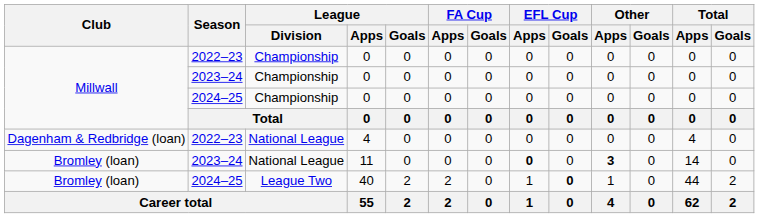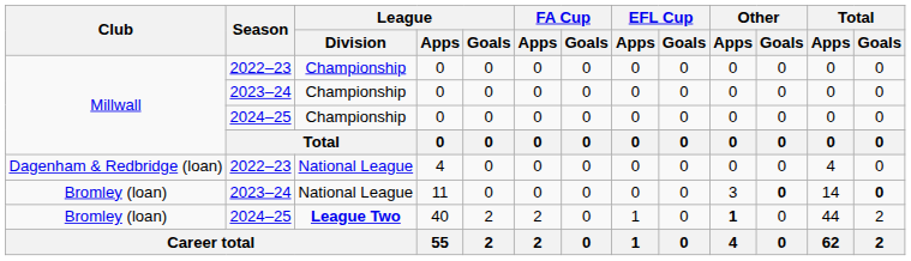 <table class=wikitable style=text-align:center>
 <tr>
 <th rowspan=2>Club</th>
 <th rowspan=2>Season</th>
 <th colspan=3>League</th>
 <th colspan=2><a href='#'>FA Cup</a></th>
 <th colspan=2><a href='#'>EFL Cup</a></th>
 <th colspan=2>Other</th>
 <th colspan=2>Total</th>
 </tr>
 <tr>
 <th>Division</th>
 <th>Apps</th>
 <th>Goals</th>
 <th>Apps</th>
 <th>Goals</th>
 <th>Apps</th>
 <th>Goals</th>
 <th>Apps</th>
 <th>Goals</th>
 <th>Apps</th>
 <th>Goals</th>
 </tr>
 <tr>
 <td rowspan=4><a href='#'>Millwall</a></td>
 <td><a href='#'>2022–23</a></td>
 <td><a href='#'>Championship</a></td>
 <td>0</td>
 <td>0</td>
 <td>0</td>
 <td>0</td>
 <td>0</td>
 <td>0</td>
 <td>0</td>
 <td>0</td>
 <td>0</td>
 <td>0</td>
 </tr>
 <tr>
 <td><a href='#'>2023–24</a></td>
 <td>Championship</td>
 <td>0</td>
 <td>0</td>
 <td>0</td>
 <td>0</td>
 <td>0</td>
 <td>0</td>
 <td>0</td>
 <td>0</td>
 <td>0</td>
 <td>0</td>
 </tr>
 <tr>
 <td><a href='#'>2024–25</a></td>
 <td>Championship</td>
 <td>0</td>
 <td>0</td>
 <td>0</td>
 <td>0</td>
 <td>0</td>
 <td>0</td>
 <td>0</td>
 <td>0</td>
 <td>0</td>
 <td>0</td>
 </tr>
 <tr>
 <th colspan="2">Total</th>
 <th>0</th>
 <th>0</th>
 <th>0</th>
 <th>0</th>
 <th>0</th>
 <th>0</th>
 <th>0</th>
 <th>0</th>
 <th>0</th>
 <th>0</th>
 </tr>
 <tr>
 <td><a href='#'>Dagenham & Redbridge</a> (loan)</td>
 <td><a href='#'>2022–23</a></td>
 <td><a href='#'>National League</a></td>
 <td>4</td>
 <td>0</td>
 <td>0</td>
 <td>0</td>
 <td>0</td>
 <td>0</td>
 <td>0</td>
 <td>0</td>
 <td>4</td>
 <td>0</td>
 </tr>
 <tr>
 <td><a href='#'>Bromley</a> (loan)</td>
 <td><a href='#'>2023–24</a></td>
 <td>National League</td>
 <td>11</td>
 <td>0</td>
 <td>0</td>
 <td>0</td>
+<td>0</td>
+<td>0</td>
+<td>3</td>
 <td><strong>0</strong></td>
-<td>0</td>
-<td><strong>3</strong></td>
-<td>0</td>
 <td>14</td>
-<td>0</td>
+<td><strong>0</strong></td>
 </tr>
 <tr>
 <td><a href='#'>Bromley</a> (loan)</td>
 <td><a href='#'>2024–25</a></td>
-<td><a href='#'>League Two</a></td>
+<td><strong><a href='#'>League Two</a></strong></td>
 <td>40</td>
 <td>2</td>
 <td>2</td>
 <td>0</td>
 <td>1</td>
-<td><strong>0</strong></td>
-<td>1</td>
+<td>0</td>
+<td><strong>1</strong></td>
 <td>0</td>
 <td>44</td>
 <td>2</td>
 </tr>
 <tr>
 <th colspan="3">Career total</th>
 <th>55</th>
 <th>2</th>
 <th>2</th>
 <th>0</th>
 <th>1</th>
 <th>0</th>
 <th>4</th>
 <th>0</th>
 <th>62</th>
 <th>2</th>
 </tr>
 </table>
